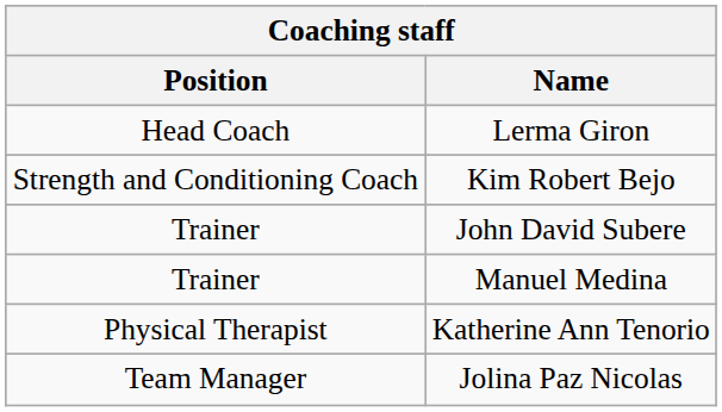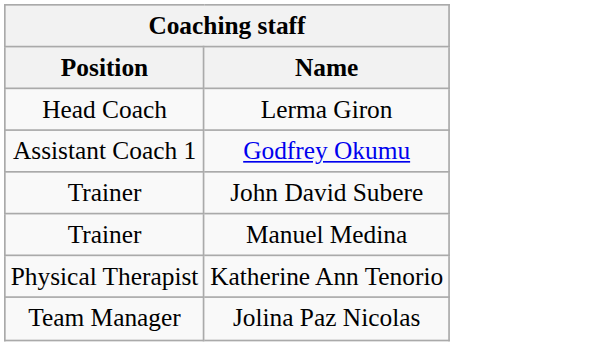 <table class="wikitable" style="font-size:95%; text-align:center;">
 <tr>
 <th colspan="2">Coaching staff</th>
 </tr>
 <tr>
 <th>Position</th>
 <th>Name</th>
 </tr>
 <tr>
 <td>Head Coach</td>
 <td> Lerma Giron</td>
 </tr>
 <tr>
-<td>Strength and Conditioning Coach</td>
-<td> Kim Robert Bejo</td>
+<td>Assistant Coach 1</td>
+<td> <a href='#'>Godfrey Okumu</a></td>
 </tr>
 <tr>
 <td>Trainer</td>
 <td>  John David Subere</td>
 </tr>
 <tr>
 <td>Trainer</td>
 <td> Manuel Medina</td>
 </tr>
 <tr>
 <td>Physical Therapist</td>
 <td> Katherine Ann Tenorio</td>
 </tr>
 <tr>
 <td>Team Manager</td>
 <td> Jolina Paz Nicolas</td>
 </tr>
 </table>
